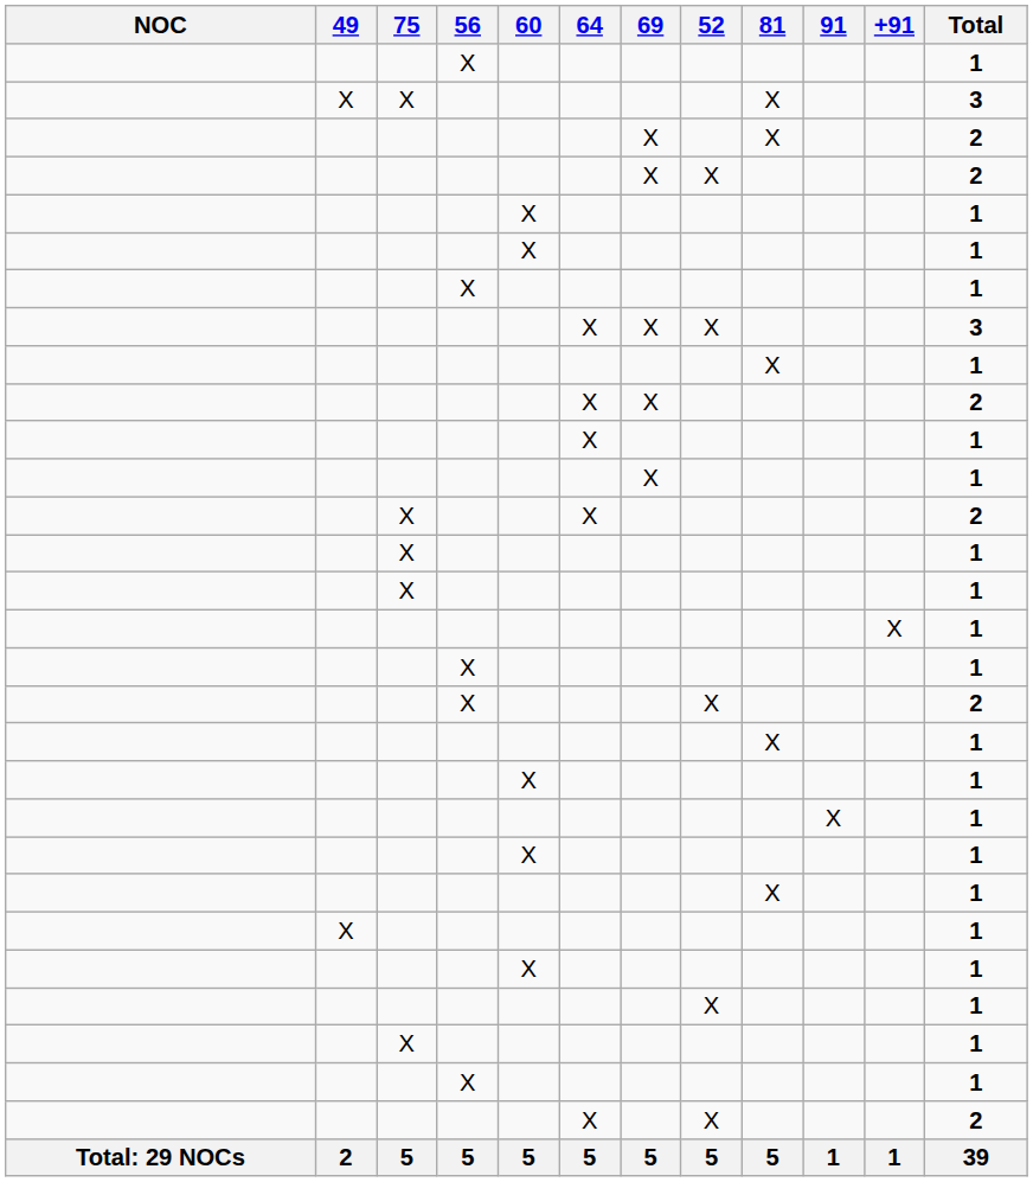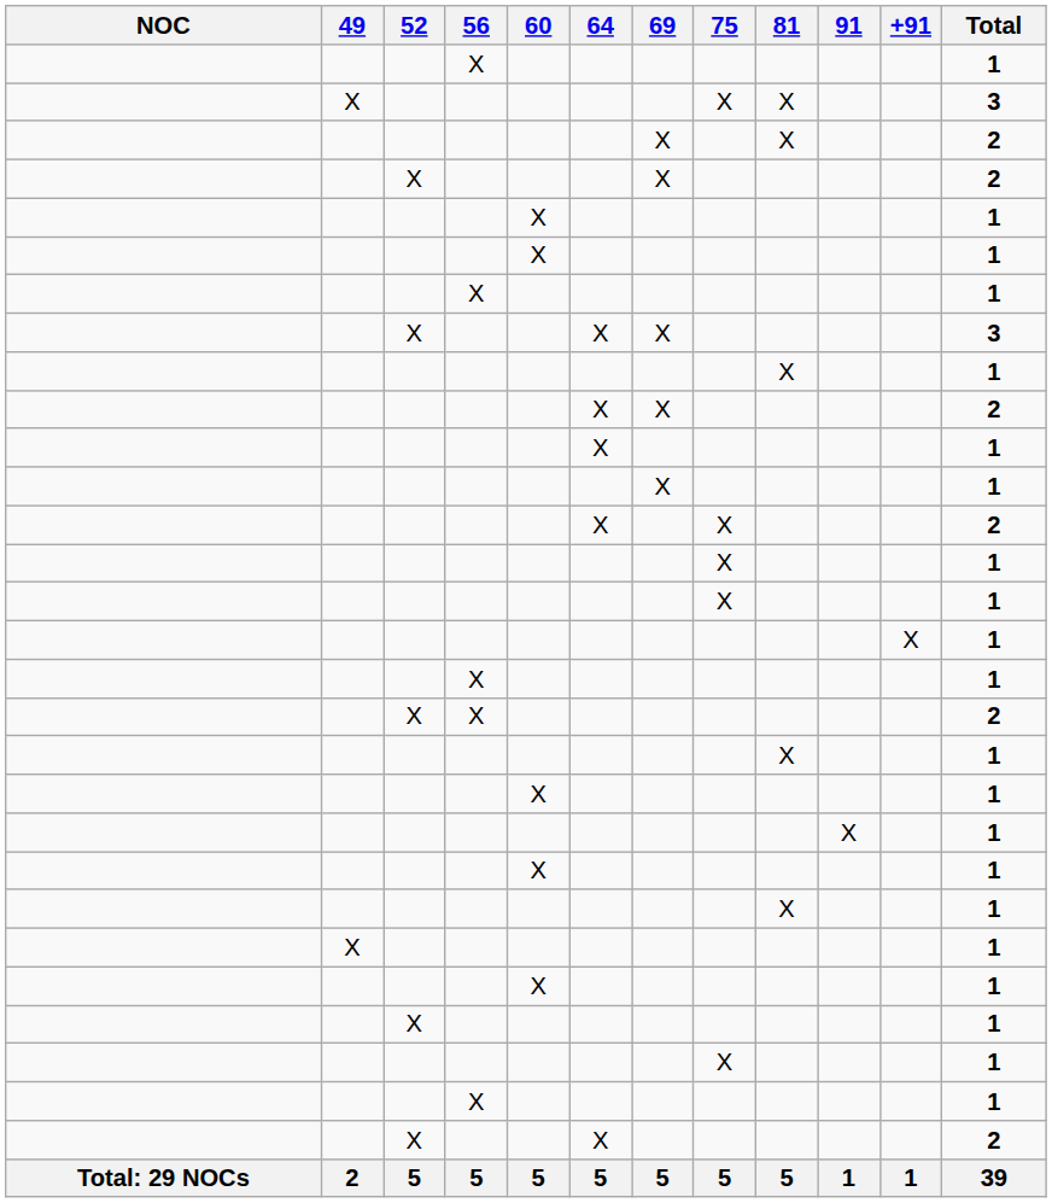 <table class="wikitable" style="text-align:center; font-size:90%">
 <tr>
 <th width=180 style="text-align:center;">NOC</th>
 <th width=30><a href='#'>49</a></th>
-<th width=30><a href='#'>75</a></th>
+<th width=30><a href='#'>52</a></th>
 <th width=30><a href='#'>56</a></th>
 <th width=30><a href='#'>60</a></th>
 <th width=30><a href='#'>64</a></th>
 <th width=30><a href='#'>69</a></th>
-<th width=30><a href='#'>52</a></th>
+<th width=30><a href='#'>75</a></th>
 <th width=30><a href='#'>81</a></th>
 <th width=30><a href='#'>91</a></th>
 <th width=30><a href='#'>+91</a></th>
 <th width=55>Total</th>
 </tr>
 <tr>
 <td style="text-align:left;"></td>
 <td></td>
 <td></td>
 <td>X</td>
 <td></td>
 <td></td>
 <td></td>
 <td></td>
 <td></td>
 <td></td>
 <td></td>
 <td><strong>1</strong></td>
 </tr>
 <tr>
 <td style="text-align:left;"></td>
 <td>X</td>
-<td>X</td>
 <td></td>
 <td></td>
 <td></td>
 <td></td>
 <td></td>
+<td>X</td>
 <td>X</td>
 <td></td>
 <td></td>
 <td><strong>3</strong></td>
 </tr>
 <tr>
 <td style="text-align:left;"></td>
 <td></td>
 <td></td>
 <td></td>
 <td></td>
 <td></td>
 <td>X</td>
 <td></td>
 <td>X</td>
 <td></td>
 <td></td>
 <td><strong>2</strong></td>
 </tr>
 <tr>
 <td style="text-align:left;"></td>
 <td></td>
-<td></td>
+<td>X</td>
 <td></td>
 <td></td>
 <td></td>
 <td>X</td>
-<td>X</td>
+<td></td>
 <td></td>
 <td></td>
 <td></td>
 <td><strong>2</strong></td>
 </tr>
 <tr>
 <td style="text-align:left;"></td>
 <td></td>
 <td></td>
 <td></td>
 <td>X</td>
 <td></td>
 <td></td>
 <td></td>
 <td></td>
 <td></td>
 <td></td>
 <td><strong>1</strong></td>
 </tr>
 <tr>
 <td style="text-align:left;"></td>
 <td></td>
 <td></td>
 <td></td>
 <td>X</td>
 <td></td>
 <td></td>
 <td></td>
 <td></td>
 <td></td>
 <td></td>
 <td><strong>1</strong></td>
 </tr>
 <tr>
 <td style="text-align:left;"></td>
 <td></td>
 <td></td>
 <td>X</td>
 <td></td>
 <td></td>
 <td></td>
 <td></td>
 <td></td>
 <td></td>
 <td></td>
 <td><strong>1</strong></td>
 </tr>
 <tr>
 <td style="text-align:left;"></td>
 <td></td>
-<td></td>
+<td>X</td>
 <td></td>
 <td></td>
 <td>X</td>
 <td>X</td>
-<td>X</td>
+<td></td>
 <td></td>
 <td></td>
 <td></td>
 <td><strong>3</strong></td>
 </tr>
 <tr>
 <td style="text-align:left;"></td>
 <td></td>
 <td></td>
 <td></td>
 <td></td>
 <td></td>
 <td></td>
 <td></td>
 <td>X</td>
 <td></td>
 <td></td>
 <td><strong>1</strong></td>
 </tr>
 <tr>
 <td style="text-align:left;"></td>
 <td></td>
 <td></td>
 <td></td>
 <td></td>
 <td>X</td>
 <td>X</td>
 <td></td>
 <td></td>
 <td></td>
 <td></td>
 <td><strong>2</strong></td>
 </tr>
 <tr>
 <td style="text-align:left;"></td>
 <td></td>
 <td></td>
 <td></td>
 <td></td>
 <td>X</td>
 <td></td>
 <td></td>
 <td></td>
 <td></td>
 <td></td>
 <td><strong>1</strong></td>
 </tr>
 <tr>
 <td style="text-align:left;"></td>
 <td></td>
 <td></td>
 <td></td>
 <td></td>
 <td></td>
 <td>X</td>
 <td></td>
 <td></td>
 <td></td>
 <td></td>
 <td><strong>1</strong></td>
 </tr>
 <tr>
 <td style="text-align:left;"></td>
 <td></td>
-<td>X</td>
+<td></td>
 <td></td>
 <td></td>
 <td>X</td>
 <td></td>
-<td></td>
+<td>X</td>
 <td></td>
 <td></td>
 <td></td>
 <td><strong>2</strong></td>
 </tr>
 <tr>
 <td style="text-align:left;"></td>
 <td></td>
-<td>X</td>
 <td></td>
 <td></td>
 <td></td>
 <td></td>
 <td></td>
+<td>X</td>
 <td></td>
 <td></td>
 <td></td>
 <td><strong>1</strong></td>
 </tr>
 <tr>
 <td style="text-align:left;"></td>
 <td></td>
-<td>X</td>
 <td></td>
 <td></td>
 <td></td>
 <td></td>
 <td></td>
+<td>X</td>
 <td></td>
 <td></td>
 <td></td>
 <td><strong>1</strong></td>
 </tr>
 <tr>
 <td style="text-align:left;"></td>
 <td></td>
 <td></td>
 <td></td>
 <td></td>
 <td></td>
 <td></td>
 <td></td>
 <td></td>
 <td></td>
 <td>X</td>
 <td><strong>1</strong></td>
 </tr>
 <tr>
 <td style="text-align:left;"></td>
 <td></td>
 <td></td>
 <td>X</td>
 <td></td>
 <td></td>
 <td></td>
 <td></td>
 <td></td>
 <td></td>
 <td></td>
 <td><strong>1</strong></td>
 </tr>
 <tr>
 <td style="text-align:left;"></td>
 <td></td>
-<td></td>
+<td>X</td>
 <td>X</td>
 <td></td>
 <td></td>
 <td></td>
-<td>X</td>
+<td></td>
 <td></td>
 <td></td>
 <td></td>
 <td><strong>2</strong></td>
 </tr>
 <tr>
 <td style="text-align:left;"></td>
 <td></td>
 <td></td>
 <td></td>
 <td></td>
 <td></td>
 <td></td>
 <td></td>
 <td>X</td>
 <td></td>
 <td></td>
 <td><strong>1</strong></td>
 </tr>
 <tr>
 <td style="text-align:left;"></td>
 <td></td>
 <td></td>
 <td></td>
 <td>X</td>
 <td></td>
 <td></td>
 <td></td>
 <td></td>
 <td></td>
 <td></td>
 <td><strong>1</strong></td>
 </tr>
 <tr>
 <td style="text-align:left;"></td>
 <td></td>
 <td></td>
 <td></td>
 <td></td>
 <td></td>
 <td></td>
 <td></td>
 <td></td>
 <td>X</td>
 <td></td>
 <td><strong>1</strong></td>
 </tr>
 <tr>
 <td style="text-align:left;"></td>
 <td></td>
 <td></td>
 <td></td>
 <td>X</td>
 <td></td>
 <td></td>
 <td></td>
 <td></td>
 <td></td>
 <td></td>
 <td><strong>1</strong></td>
 </tr>
 <tr>
 <td style="text-align:left;"></td>
 <td></td>
 <td></td>
 <td></td>
 <td></td>
 <td></td>
 <td></td>
 <td></td>
 <td>X</td>
 <td></td>
 <td></td>
 <td><strong>1</strong></td>
 </tr>
 <tr>
 <td style="text-align:left;"></td>
 <td>X</td>
 <td></td>
 <td></td>
 <td></td>
 <td></td>
 <td></td>
 <td></td>
 <td></td>
 <td></td>
 <td></td>
 <td><strong>1</strong></td>
 </tr>
 <tr>
 <td style="text-align:left;"></td>
 <td></td>
 <td></td>
 <td></td>
 <td>X</td>
 <td></td>
 <td></td>
 <td></td>
 <td></td>
 <td></td>
 <td></td>
 <td><strong>1</strong></td>
 </tr>
 <tr>
 <td style="text-align:left;"></td>
 <td></td>
+<td>X</td>
 <td></td>
 <td></td>
 <td></td>
 <td></td>
 <td></td>
-<td>X</td>
 <td></td>
 <td></td>
 <td></td>
 <td><strong>1</strong></td>
 </tr>
 <tr>
 <td style="text-align:left;"></td>
 <td></td>
-<td>X</td>
 <td></td>
 <td></td>
 <td></td>
 <td></td>
 <td></td>
+<td>X</td>
 <td></td>
 <td></td>
 <td></td>
 <td><strong>1</strong></td>
 </tr>
 <tr>
 <td style="text-align:left;"></td>
 <td></td>
 <td></td>
 <td>X</td>
 <td></td>
 <td></td>
 <td></td>
 <td></td>
 <td></td>
 <td></td>
 <td></td>
 <td><strong>1</strong></td>
 </tr>
 <tr>
 <td style="text-align:left;"></td>
 <td></td>
-<td></td>
+<td>X</td>
 <td></td>
 <td></td>
 <td>X</td>
 <td></td>
-<td>X</td>
+<td></td>
 <td></td>
 <td></td>
 <td></td>
 <td><strong>2</strong></td>
 </tr>
 <tr>
 <th>Total: 29 NOCs</th>
 <th>2</th>
 <th>5</th>
 <th>5</th>
 <th>5</th>
 <th>5</th>
 <th>5</th>
 <th>5</th>
 <th>5</th>
 <th>1</th>
 <th>1</th>
 <th>39</th>
 </tr>
 </table>
